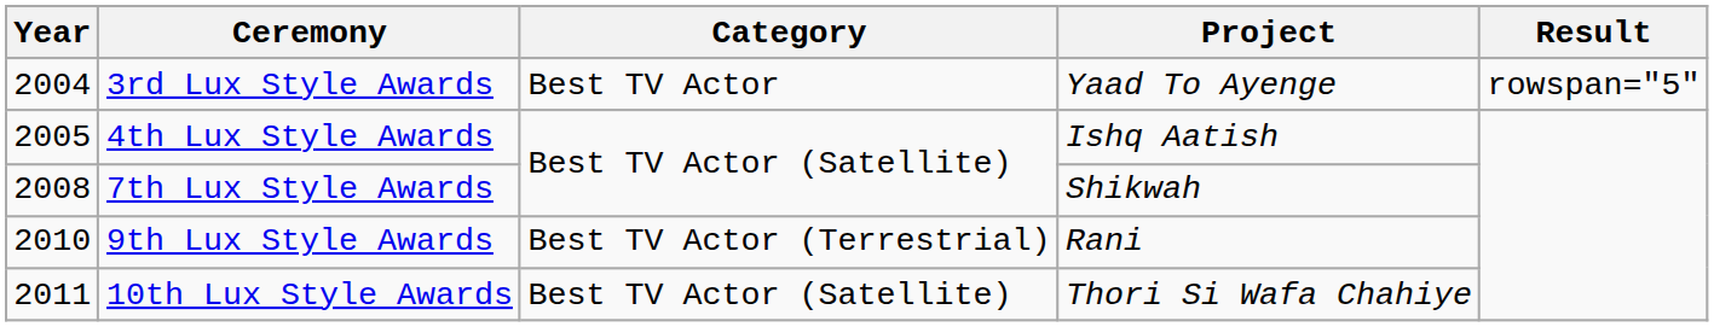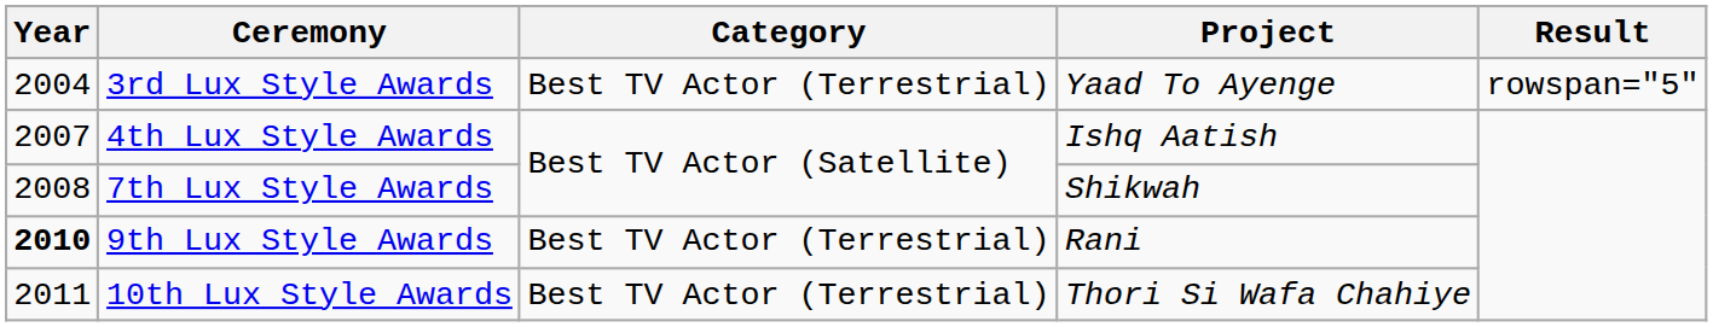 <table class="wikitable style">
 <tr>
 <th>Year</th>
 <th>Ceremony</th>
 <th>Category</th>
 <th>Project</th>
 <th>Result</th>
 </tr>
 <tr>
 <td>2004</td>
 <td><a href='#'>3rd Lux Style Awards</a></td>
-<td>Best TV Actor</td>
+<td>Best TV Actor (Terrestrial)</td>
 <td><em>Yaad To Ayenge</em></td>
 <td>rowspan="5" </td>
 </tr>
 <tr>
-<td>2005</td>
+<td>2007</td>
 <td><a href='#'>4th Lux Style Awards</a></td>
 <td rowspan="2">Best TV Actor (Satellite)</td>
 <td><em>Ishq Aatish</em></td>
 </tr>
 <tr>
 <td>2008</td>
 <td><a href='#'>7th Lux Style Awards</a></td>
 <td><em>Shikwah</em></td>
 </tr>
 <tr>
-<td>2010</td>
+<td><strong>2010</strong></td>
 <td><a href='#'>9th Lux Style Awards</a></td>
 <td>Best TV Actor (Terrestrial)</td>
 <td><em>Rani</em></td>
 </tr>
 <tr>
 <td>2011</td>
 <td><a href='#'>10th Lux Style Awards</a></td>
-<td>Best TV Actor (Satellite)</td>
+<td>Best TV Actor (Terrestrial)</td>
 <td><em>Thori Si Wafa Chahiye</em></td>
 </tr>
 </table>
